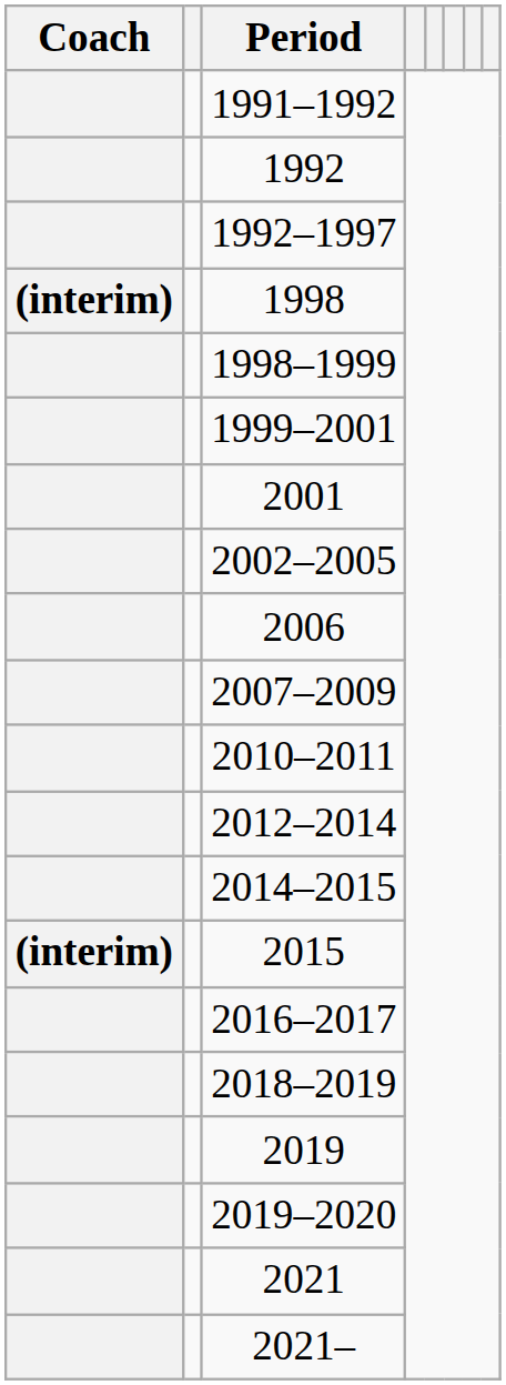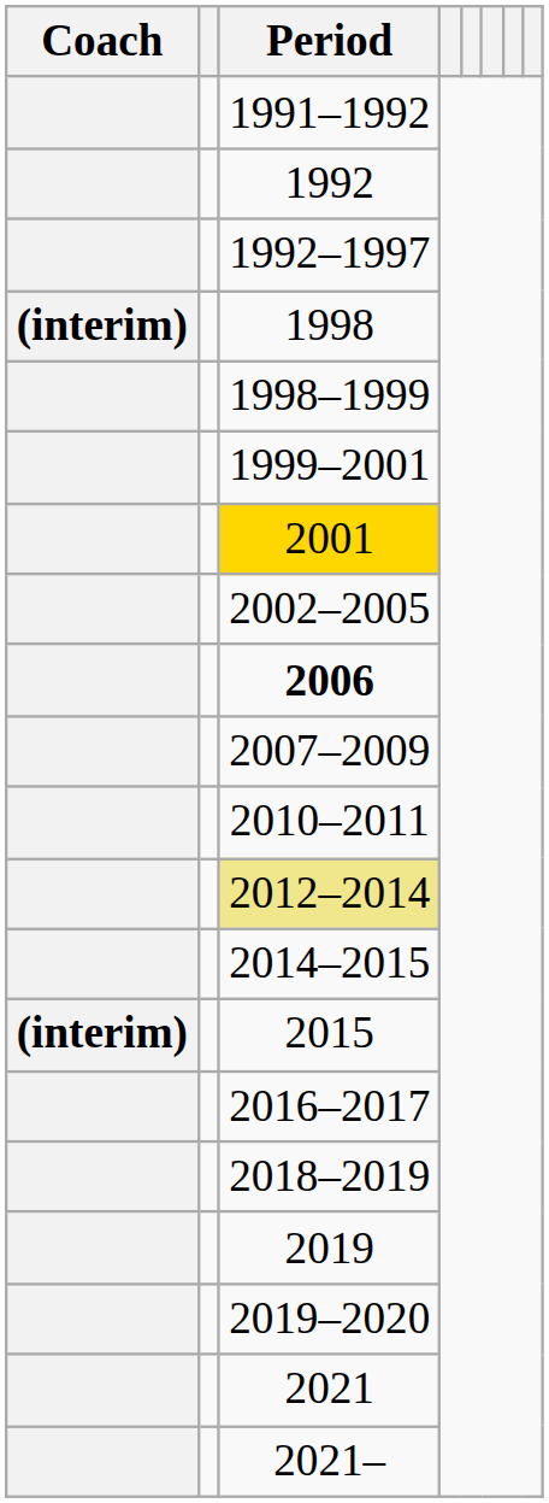 <table class="wikitable sortable plainrowheaders" style="text-align:center;">
 <tr>
 <th scope="col">Coach</th>
 <th scope="col"></th>
 <th scope="col">Period</th>
 <th scope="col"></th>
 <th scope="col"></th>
 <th scope="col"></th>
 <th scope="col"></th>
 <th scope="col"></th>
 </tr>
 <tr>
 <th scope="row"></th>
 <td></td>
 <td>1991–1992<br></td>
 </tr>
 <tr>
 <th scope="row"></th>
 <td></td>
 <td>1992<br></td>
 </tr>
 <tr>
 <th scope="row"></th>
 <td></td>
 <td>1992–1997<br></td>
 </tr>
 <tr>
 <th scope="row"> (interim)</th>
 <td></td>
 <td>1998<br></td>
 </tr>
 <tr>
 <th scope="row"></th>
 <td></td>
 <td>1998–1999<br></td>
 </tr>
 <tr>
 <th scope="row"></th>
 <td></td>
 <td>1999–2001<br></td>
 </tr>
 <tr>
 <th scope="row"></th>
 <td></td>
-<td>2001<br></td>
+<td style="background: gold;">2001<br></td>
 </tr>
 <tr>
 <th scope="row"></th>
 <td></td>
 <td>2002–2005<br></td>
 </tr>
 <tr>
 <th scope="row"></th>
 <td></td>
-<td>2006<br></td>
+<td><strong>2006<br></strong></td>
 </tr>
 <tr>
 <th scope="row"></th>
 <td></td>
 <td>2007–2009<br></td>
 </tr>
 <tr>
 <th scope="row"></th>
 <td></td>
 <td>2010–2011<br></td>
 </tr>
 <tr>
 <th scope="row"></th>
 <td></td>
-<td>2012–2014<br></td>
+<td style="background: khaki;">2012–2014<br></td>
 </tr>
 <tr>
 <th scope="row"></th>
 <td></td>
 <td>2014–2015<br></td>
 </tr>
 <tr>
 <th scope="row"> (interim)</th>
 <td></td>
 <td>2015<br></td>
 </tr>
 <tr>
 <th scope="row"></th>
 <td></td>
 <td>2016–2017<br></td>
 </tr>
 <tr>
 <th scope="row"></th>
 <td></td>
 <td>2018–2019<br></td>
 </tr>
 <tr>
 <th scope="row"></th>
 <td></td>
 <td>2019<br></td>
 </tr>
 <tr>
 <th scope="row"></th>
 <td></td>
 <td>2019–2020<br></td>
 </tr>
 <tr>
 <th scope="row"></th>
 <td></td>
 <td>2021<br></td>
 </tr>
 <tr>
 <th scope="row"><strong></strong></th>
 <td></td>
 <td>2021–<br></td>
 </tr>
 </table>
